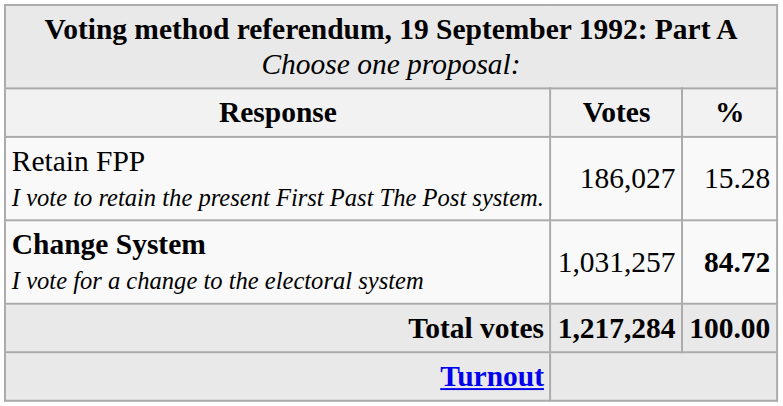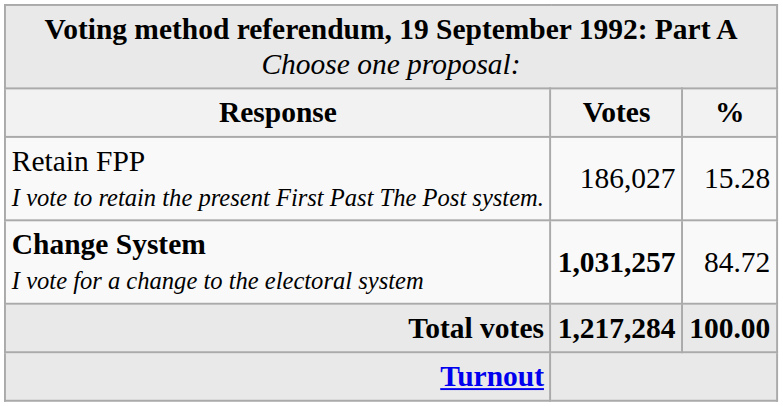 <table class="wikitable" style="font-size: 95%;">
 <tr style="background-color:#E9E9E9">
 <td colspan=4 align=center><strong>Voting method referendum, 19 September 1992: Part A</strong> <br> <em>Choose one proposal:</em></td>
 </tr>
 <tr style="background-color:#E9E9E9">
 <th>Response</th>
 <th>Votes</th>
 <th>%</th>
 </tr>
 <tr>
 <td>Retain FPP <br> <small><em>I vote to retain the present First Past The Post system.</em></small></td>
 <td align=right>186,027</td>
 <td align=right>15.28</td>
 </tr>
 <tr>
 <td><strong>Change System</strong> <br> <small><em>I vote for a change to the electoral system</em></small></td>
-<td align=right>1,031,257</td>
-<td align=right><strong>84.72</strong></td>
+<td align=right><strong>1,031,257</strong></td>
+<td align=right>84.72</td>
 </tr>
 <tr style="background-color:#E9E9E9">
 <td align=right><strong>Total votes</strong></td>
 <td align=right><strong>1,217,284</strong></td>
 <td align=right><strong>100.00</strong></td>
 </tr>
 <tr style="background-color:#E9E9E9">
 <td align=right><strong><a href='#'>Turnout</a></strong></td>
 <td colspan=2 align=right></td>
 </tr>
 </table>
